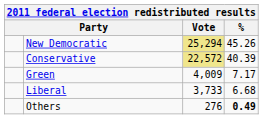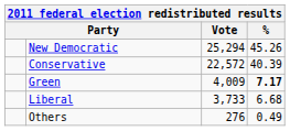 <table class="wikitable">
 <tr>
 <th colspan="4"><a href='#'>2011 federal election</a> redistributed results</th>
 </tr>
 <tr>
 <th colspan="2" bgcolor="#DDDDFF" width="130px">Party</th>
 <th bgcolor="#DDDDFF" width="50px">Vote</th>
 <th bgcolor="#DDDDFF" width="30px">%</th>
 </tr>
 <tr>
 <td> </td>
 <td><a href='#'>New Democratic</a></td>
-<td align="right" style="background: khaki;">25,294</td>
+<td align="right">25,294</td>
 <td align="right">45.26</td>
 </tr>
 <tr>
 <td> </td>
 <td><a href='#'>Conservative</a></td>
-<td align="right" style="background: khaki;">22,572</td>
+<td align="right">22,572</td>
 <td align="right">40.39</td>
 </tr>
 <tr>
 <td> </td>
 <td><a href='#'>Green</a></td>
 <td align="right">4,009</td>
-<td align="right">7.17</td>
+<td align="right"><strong>7.17</strong></td>
 </tr>
 <tr>
 <td> </td>
 <td><a href='#'>Liberal</a></td>
 <td align="right">3,733</td>
 <td align="right">6.68</td>
 </tr>
 <tr>
 <td> </td>
 <td>Others</td>
 <td align="right">276</td>
-<td align="right"><strong>0.49</strong></td>
+<td align="right">0.49</td>
 </tr>
 </table>
